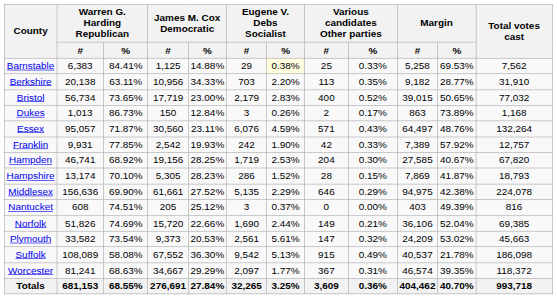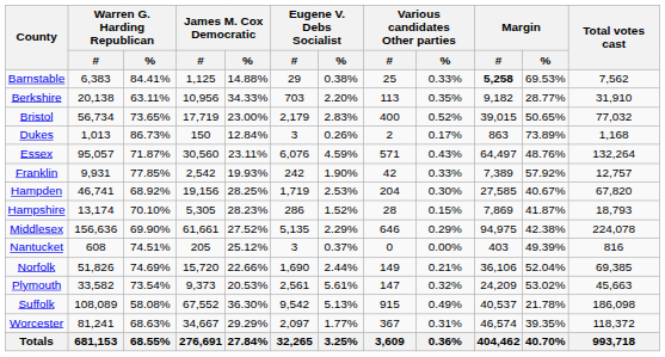 <table width="70%"  class="wikitable sortable" style="text-align:center">
 <tr>
 <th colspan="1" rowspan="2">County</th>
 <th style="text-align:center;" colspan="2">Warren G. Harding<br>Republican</th>
 <th style="text-align:center;" colspan="2">James M. Cox<br>Democratic</th>
 <th style="text-align:center;" colspan="2">Eugene V. Debs<br>Socialist</th>
 <th style="text-align:center;" colspan="2">Various candidates<br>Other parties</th>
 <th style="text-align:center;" colspan="2">Margin</th>
 <th colspan="1" rowspan="2" style="text-align:center;">Total votes cast</th>
 </tr>
 <tr>
 <th style="text-align:center;" data-sort-type="number">#</th>
 <th style="text-align:center;" data-sort-type="number">%</th>
 <th style="text-align:center;" data-sort-type="number">#</th>
 <th style="text-align:center;" data-sort-type="number">%</th>
 <th style="text-align:center;" data-sort-type="number">#</th>
 <th style="text-align:center;" data-sort-type="number">%</th>
 <th style="text-align:center;" data-sort-type="number">#</th>
 <th style="text-align:center;" data-sort-type="number">%</th>
 <th style="text-align:center;" data-sort-type="number">#</th>
 <th style="text-align:center;" data-sort-type="number">%</th>
 </tr>
 <tr style="text-align:center;">
 <td><a href='#'>Barnstable</a></td>
 <td>6,383</td>
 <td>84.41%</td>
 <td>1,125</td>
 <td>14.88%</td>
 <td>29</td>
-<td style="background: lightyellow;">0.38%</td>
+<td>0.38%</td>
 <td>25</td>
 <td>0.33%</td>
-<td>5,258</td>
+<td><strong>5,258</strong></td>
 <td>69.53%</td>
 <td>7,562</td>
 </tr>
 <tr style="text-align:center;">
 <td><a href='#'>Berkshire</a></td>
 <td>20,138</td>
 <td>63.11%</td>
 <td>10,956</td>
 <td>34.33%</td>
 <td>703</td>
 <td>2.20%</td>
 <td>113</td>
 <td>0.35%</td>
 <td>9,182</td>
 <td>28.77%</td>
 <td>31,910</td>
 </tr>
 <tr style="text-align:center;">
 <td><a href='#'>Bristol</a></td>
 <td>56,734</td>
 <td>73.65%</td>
 <td>17,719</td>
 <td>23.00%</td>
 <td>2,179</td>
 <td>2.83%</td>
 <td>400</td>
 <td>0.52%</td>
 <td>39,015</td>
 <td>50.65%</td>
 <td>77,032</td>
 </tr>
 <tr style="text-align:center;">
 <td><a href='#'>Dukes</a></td>
 <td>1,013</td>
 <td>86.73%</td>
 <td>150</td>
 <td>12.84%</td>
 <td>3</td>
 <td>0.26%</td>
 <td>2</td>
 <td>0.17%</td>
 <td>863</td>
 <td>73.89%</td>
 <td>1,168</td>
 </tr>
 <tr style="text-align:center;">
 <td><a href='#'>Essex</a></td>
 <td>95,057</td>
 <td>71.87%</td>
 <td>30,560</td>
 <td>23.11%</td>
 <td>6,076</td>
 <td>4.59%</td>
 <td>571</td>
 <td>0.43%</td>
 <td>64,497</td>
 <td>48.76%</td>
 <td>132,264</td>
 </tr>
 <tr style="text-align:center;">
 <td><a href='#'>Franklin</a></td>
 <td>9,931</td>
 <td>77.85%</td>
 <td>2,542</td>
 <td>19.93%</td>
 <td>242</td>
 <td>1.90%</td>
 <td>42</td>
 <td>0.33%</td>
 <td>7,389</td>
 <td>57.92%</td>
 <td>12,757</td>
 </tr>
 <tr style="text-align:center;">
 <td><a href='#'>Hampden</a></td>
 <td>46,741</td>
 <td>68.92%</td>
 <td>19,156</td>
 <td>28.25%</td>
 <td>1,719</td>
 <td>2.53%</td>
 <td>204</td>
 <td>0.30%</td>
 <td>27,585</td>
 <td>40.67%</td>
 <td>67,820</td>
 </tr>
 <tr style="text-align:center;">
 <td><a href='#'>Hampshire</a></td>
 <td>13,174</td>
 <td>70.10%</td>
 <td>5,305</td>
 <td>28.23%</td>
 <td>286</td>
 <td>1.52%</td>
 <td>28</td>
 <td>0.15%</td>
 <td>7,869</td>
 <td>41.87%</td>
 <td>18,793</td>
 </tr>
 <tr style="text-align:center;">
 <td><a href='#'>Middlesex</a></td>
 <td>156,636</td>
 <td>69.90%</td>
 <td>61,661</td>
 <td>27.52%</td>
 <td>5,135</td>
 <td>2.29%</td>
 <td>646</td>
 <td>0.29%</td>
 <td>94,975</td>
 <td>42.38%</td>
 <td>224,078</td>
 </tr>
 <tr style="text-align:center;">
 <td><a href='#'>Nantucket</a></td>
 <td>608</td>
 <td>74.51%</td>
 <td>205</td>
 <td>25.12%</td>
 <td>3</td>
 <td>0.37%</td>
 <td>0</td>
 <td>0.00%</td>
 <td>403</td>
 <td>49.39%</td>
 <td>816</td>
 </tr>
 <tr style="text-align:center;">
 <td><a href='#'>Norfolk</a></td>
 <td>51,826</td>
 <td>74.69%</td>
 <td>15,720</td>
 <td>22.66%</td>
 <td>1,690</td>
 <td>2.44%</td>
 <td>149</td>
 <td>0.21%</td>
 <td>36,106</td>
 <td>52.04%</td>
 <td>69,385</td>
 </tr>
 <tr style="text-align:center;">
 <td><a href='#'>Plymouth</a></td>
 <td>33,582</td>
 <td>73.54%</td>
 <td>9,373</td>
 <td>20.53%</td>
 <td>2,561</td>
 <td>5.61%</td>
 <td>147</td>
 <td>0.32%</td>
 <td>24,209</td>
 <td>53.02%</td>
 <td>45,663</td>
 </tr>
 <tr style="text-align:center;">
 <td><a href='#'>Suffolk</a></td>
 <td>108,089</td>
 <td>58.08%</td>
 <td>67,552</td>
 <td>36.30%</td>
 <td>9,542</td>
 <td>5.13%</td>
 <td>915</td>
 <td>0.49%</td>
 <td>40,537</td>
 <td>21.78%</td>
 <td>186,098</td>
 </tr>
 <tr style="text-align:center;">
 <td><a href='#'>Worcester</a></td>
 <td>81,241</td>
 <td>68.63%</td>
 <td>34,667</td>
 <td>29.29%</td>
 <td>2,097</td>
 <td>1.77%</td>
 <td>367</td>
 <td>0.31%</td>
 <td>46,574</td>
 <td>39.35%</td>
 <td>118,372</td>
 </tr>
 <tr style="text-align:center;">
 <th>Totals</th>
 <th>681,153</th>
 <th>68.55%</th>
 <th>276,691</th>
 <th>27.84%</th>
 <th>32,265</th>
 <th>3.25%</th>
 <th>3,609</th>
 <th>0.36%</th>
 <th>404,462</th>
 <th>40.70%</th>
 <th>993,718</th>
 </tr>
 </table>
